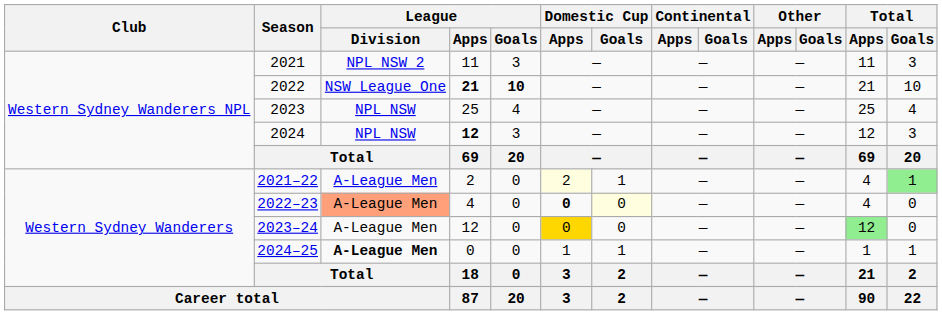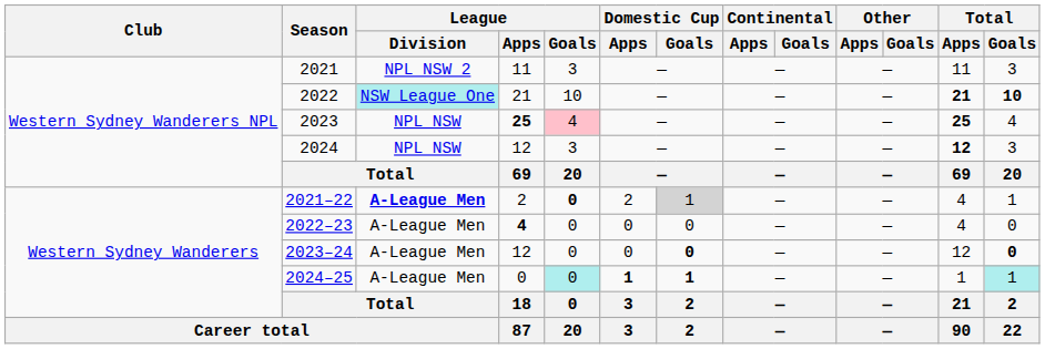 <table class="wikitable" style="text-align:center">
 <tr>
 <th rowspan=2>Club</th>
 <th rowspan=2>Season</th>
 <th colspan=3>League</th>
 <th colspan=2>Domestic Cup</th>
 <th colspan=2>Continental</th>
 <th colspan=2>Other</th>
 <th colspan=2>Total</th>
 </tr>
 <tr>
 <th>Division</th>
 <th>Apps</th>
 <th>Goals</th>
 <th>Apps</th>
 <th>Goals</th>
 <th>Apps</th>
 <th>Goals</th>
 <th>Apps</th>
 <th>Goals</th>
 <th>Apps</th>
 <th>Goals</th>
 </tr>
 <tr>
 <td rowspan=5><a href='#'>Western Sydney Wanderers NPL</a></td>
 <td>2021</td>
 <td><a href='#'>NPL NSW 2</a></td>
 <td>11</td>
 <td>3</td>
 <td colspan="2">—</td>
 <td colspan="2">—</td>
 <td colspan="2">—</td>
 <td>11</td>
 <td>3</td>
 </tr>
 <tr>
 <td>2022</td>
-<td><a href='#'>NSW League One</a></td>
-<td><strong>21</strong></td>
-<td><strong>10</strong></td>
+<td style="background: paleturquoise;"><a href='#'>NSW League One</a></td>
+<td>21</td>
+<td>10</td>
 <td colspan="2">—</td>
 <td colspan="2">—</td>
 <td colspan="2">—</td>
-<td>21</td>
-<td>10</td>
+<td><strong>21</strong></td>
+<td><strong>10</strong></td>
 </tr>
 <tr>
 <td>2023</td>
 <td><a href='#'>NPL NSW</a></td>
-<td>25</td>
-<td>4</td>
+<td><strong>25</strong></td>
+<td style="background: pink;">4</td>
 <td colspan="2">—</td>
 <td colspan="2">—</td>
 <td colspan="2">—</td>
-<td>25</td>
+<td><strong>25</strong></td>
 <td>4</td>
 </tr>
 <tr>
 <td>2024</td>
 <td><a href='#'>NPL NSW</a></td>
-<td><strong>12</strong></td>
+<td>12</td>
 <td>3</td>
 <td colspan="2">—</td>
 <td colspan="2">—</td>
 <td colspan="2">—</td>
-<td>12</td>
+<td><strong>12</strong></td>
 <td>3</td>
 </tr>
 <tr>
 <th colspan="2">Total</th>
 <th>69</th>
 <th>20</th>
 <th colspan="2">—</th>
 <th colspan="2">—</th>
 <th colspan="2">—</th>
 <th>69</th>
 <th>20</th>
 </tr>
 <tr>
 <td rowspan=5><a href='#'>Western Sydney Wanderers</a></td>
 <td><a href='#'>2021–22</a></td>
-<td><a href='#'>A-League Men</a></td>
+<td><strong><a href='#'>A-League Men</a></strong></td>
 <td>2</td>
-<td>0</td>
-<td style="background: lightyellow;">2</td>
-<td>1</td>
+<td><strong>0</strong></td>
+<td>2</td>
+<td style="background: lightgrey;">1</td>
 <td colspan="2">—</td>
 <td colspan="2">—</td>
 <td>4</td>
-<td style="background: lightgreen;">1</td>
+<td>1</td>
 </tr>
 <tr>
 <td><a href='#'>2022–23</a></td>
-<td style="background: lightsalmon;">A-League Men</td>
-<td>4</td>
+<td>A-League Men</td>
+<td><strong>4</strong></td>
 <td>0</td>
-<td><strong>0</strong></td>
-<td style="background: lightyellow;">0</td>
+<td>0</td>
+<td>0</td>
 <td colspan="2">—</td>
 <td colspan="2">—</td>
 <td>4</td>
 <td>0</td>
 </tr>
 <tr>
 <td><a href='#'>2023–24</a></td>
 <td>A-League Men</td>
 <td>12</td>
 <td>0</td>
-<td style="background: gold;">0</td>
 <td>0</td>
+<td><strong>0</strong></td>
 <td colspan="2">—</td>
 <td colspan="2">—</td>
-<td style="background: lightgreen;">12</td>
-<td>0</td>
+<td>12</td>
+<td><strong>0</strong></td>
 </tr>
 <tr>
 <td><a href='#'>2024–25</a></td>
-<td><strong>A-League Men</strong></td>
+<td>A-League Men</td>
 <td>0</td>
-<td>0</td>
-<td>1</td>
-<td>1</td>
+<td style="background: paleturquoise;">0</td>
+<td><strong>1</strong></td>
+<td><strong>1</strong></td>
 <td colspan="2">—</td>
 <td colspan="2">—</td>
 <td>1</td>
-<td>1</td>
+<td style="background: paleturquoise;">1</td>
 </tr>
 <tr>
 <th colspan="2">Total</th>
 <th>18</th>
 <th>0</th>
 <th>3</th>
 <th>2</th>
 <th colspan="2">—</th>
 <th colspan="2">—</th>
 <th>21</th>
 <th>2</th>
 </tr>
 <tr>
 <th colspan="3">Career total</th>
 <th>87</th>
 <th>20</th>
 <th>3</th>
 <th>2</th>
 <th colspan="2">—</th>
 <th colspan="2">—</th>
 <th>90</th>
 <th>22</th>
 </tr>
 </table>
